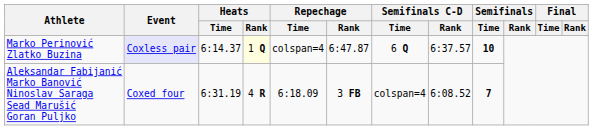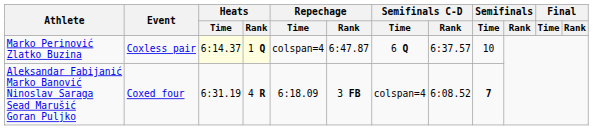 <table class="wikitable" style="font-size:90%">
 <tr>
 <th rowspan="2">Athlete</th>
 <th rowspan="2">Event</th>
 <th colspan="2">Heats</th>
 <th colspan="2">Repechage</th>
 <th colspan="2">Semifinals C-D</th>
 <th colspan="2">Semifinals</th>
 <th colspan="2">Final</th>
 </tr>
 <tr style="font-size:95%">
 <th>Time</th>
 <th>Rank</th>
 <th>Time</th>
 <th>Rank</th>
 <th>Time</th>
 <th>Rank</th>
 <th>Time</th>
 <th>Rank</th>
 <th>Time</th>
 <th>Rank</th>
 </tr>
 <tr align=center>
 <td align=left><a href='#'>Marko Perinović</a><br><a href='#'>Zlatko Buzina</a></td>
-<td align=left style="background: lavender;"><a href='#'>Coxless pair</a></td>
-<td>6:14.37</td>
+<td align=left><a href='#'>Coxless pair</a></td>
+<td style="background: lightyellow;">6:14.37</td>
 <td style="background: lightyellow;">1 <strong>Q</strong></td>
 <td>colspan=4 </td>
 <td>6:47.87</td>
 <td>6 <strong>Q</strong></td>
 <td>6:37.57</td>
-<td><strong>10</strong></td>
+<td>10</td>
 </tr>
 <tr align=center>
 <td align=left><a href='#'>Aleksandar Fabijanić</a><br><a href='#'>Marko Banović</a><br><a href='#'>Ninoslav Saraga</a><br><a href='#'>Sead Marušić</a><br><a href='#'>Goran Puljko</a></td>
 <td align=left><a href='#'>Coxed four</a></td>
 <td>6:31.19</td>
 <td>4 <strong>R</strong></td>
 <td>6:18.09</td>
 <td>3 <strong>FB</strong></td>
 <td>colspan=4 </td>
 <td>6:08.52</td>
 <td><strong>7</strong></td>
 </tr>
 </table>
